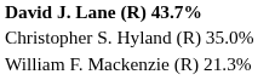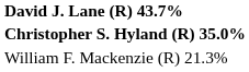 <table>
 <tr>
 <td><strong>David J. Lane (R) 43.7%</strong></td>
 </tr>
 <tr>
-<td>Christopher S. Hyland (R) 35.0%</td>
+<td><strong>Christopher S. Hyland (R) 35.0%</strong></td>
 </tr>
 <tr>
 <td>William F. Mackenzie (R) 21.3%</td>
 </tr>
 </table>
